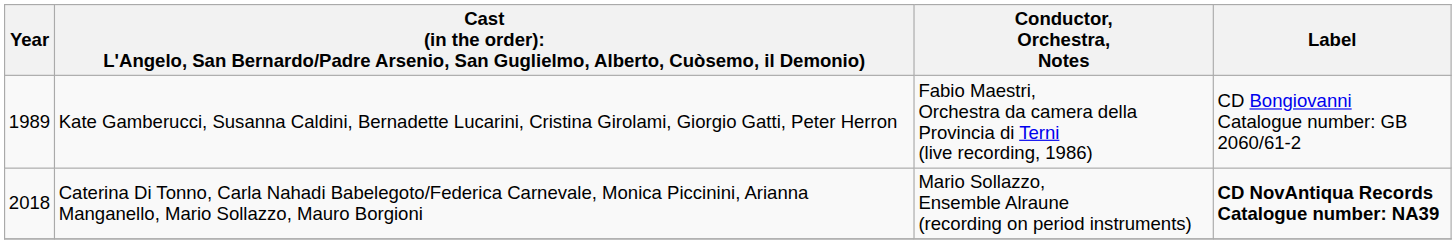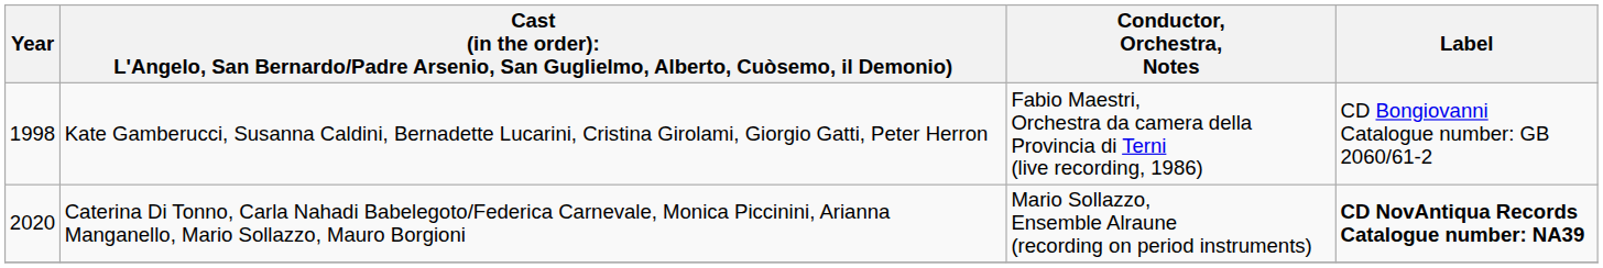 <table class="wikitable">
 <tr>
 <th>Year</th>
 <th>Cast<br>(in the order):<br>L'Angelo, San Bernardo/Padre Arsenio, San Guglielmo, Alberto, Cuòsemo, il Demonio)</th>
 <th>Conductor,<br>Orchestra,<br>Notes</th>
 <th>Label</th>
 </tr>
 <tr>
-<td>1989</td>
+<td>1998</td>
 <td>Kate Gamberucci, Susanna Caldini, Bernadette Lucarini, Cristina Girolami, Giorgio Gatti, Peter Herron</td>
 <td>Fabio Maestri, <br>Orchestra da camera della Provincia di <a href='#'>Terni</a><br>(live recording, 1986)</td>
 <td>CD <a href='#'>Bongiovanni</a><br>Catalogue number: GB 2060/61-2</td>
 </tr>
 <tr>
-<td>2018</td>
+<td>2020</td>
 <td>Caterina Di Tonno, Carla Nahadi Babelegoto/Federica Carnevale, Monica Piccinini, Arianna Manganello, Mario Sollazzo, Mauro Borgioni</td>
 <td>Mario Sollazzo, <br>Ensemble Alraune <br>(recording on period instruments)</td>
 <td><strong>CD NovAntiqua Records<br>Catalogue number: NA39</strong></td>
 </tr>
 <tr>
 </tr>
 </table>
